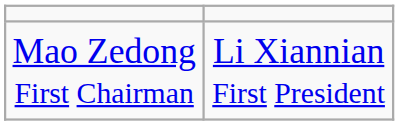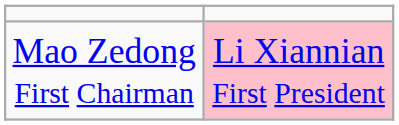 <table class="wikitable" style="text-align:left; float:right; margin-right:9px; margin-left:2px;">
 <tr>
 <td style="text-align:left;"></td>
 <td style="text-align:left;"></td>
 </tr>
 <tr>
 <td style="text-align:center;"><a href='#'>Mao Zedong</a><br><small><a href='#'>First</a> <a href='#'>Chairman</a></small></td>
-<td style="text-align:center;"><a href='#'>Li Xiannian</a><br><small><a href='#'>First</a> <a href='#'>President</a></small></td>
+<td style="background: pink; text-align:center;"><a href='#'>Li Xiannian</a><br><small><a href='#'>First</a> <a href='#'>President</a></small></td>
 </tr>
 </table>
